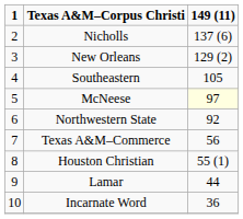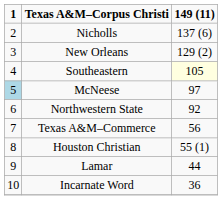 <table class="wikitable">
 <tr align="center">
 <td><strong>1</strong></td>
 <td><strong>Texas A&M–Corpus Christi</strong></td>
 <td><strong>149 (11)</strong></td>
 </tr>
 <tr align="center">
 <td>2</td>
 <td>Nicholls</td>
 <td>137 (6)</td>
 </tr>
 <tr align="center">
 <td>3</td>
 <td>New Orleans</td>
 <td>129 (2)</td>
 </tr>
 <tr align="center">
 <td>4</td>
 <td>Southeastern</td>
-<td>105</td>
+<td style="background: lightyellow;">105</td>
 </tr>
 <tr align="center">
-<td>5</td>
+<td style="background: lightblue;">5</td>
 <td>McNeese</td>
-<td style="background: lightyellow;">97</td>
+<td>97</td>
 </tr>
 <tr align="center">
 <td>6</td>
 <td>Northwestern State</td>
 <td>92</td>
 </tr>
 <tr align="center">
 <td>7</td>
 <td>Texas A&M–Commerce</td>
 <td>56</td>
 </tr>
 <tr align="center">
 <td>8</td>
 <td>Houston Christian</td>
 <td>55 (1)</td>
 </tr>
 <tr align="center">
 <td>9</td>
 <td>Lamar</td>
 <td>44</td>
 </tr>
 <tr align="center">
 <td>10</td>
 <td>Incarnate Word</td>
 <td>36</td>
 </tr>
 <tr align="center">
 </tr>
 </table>
